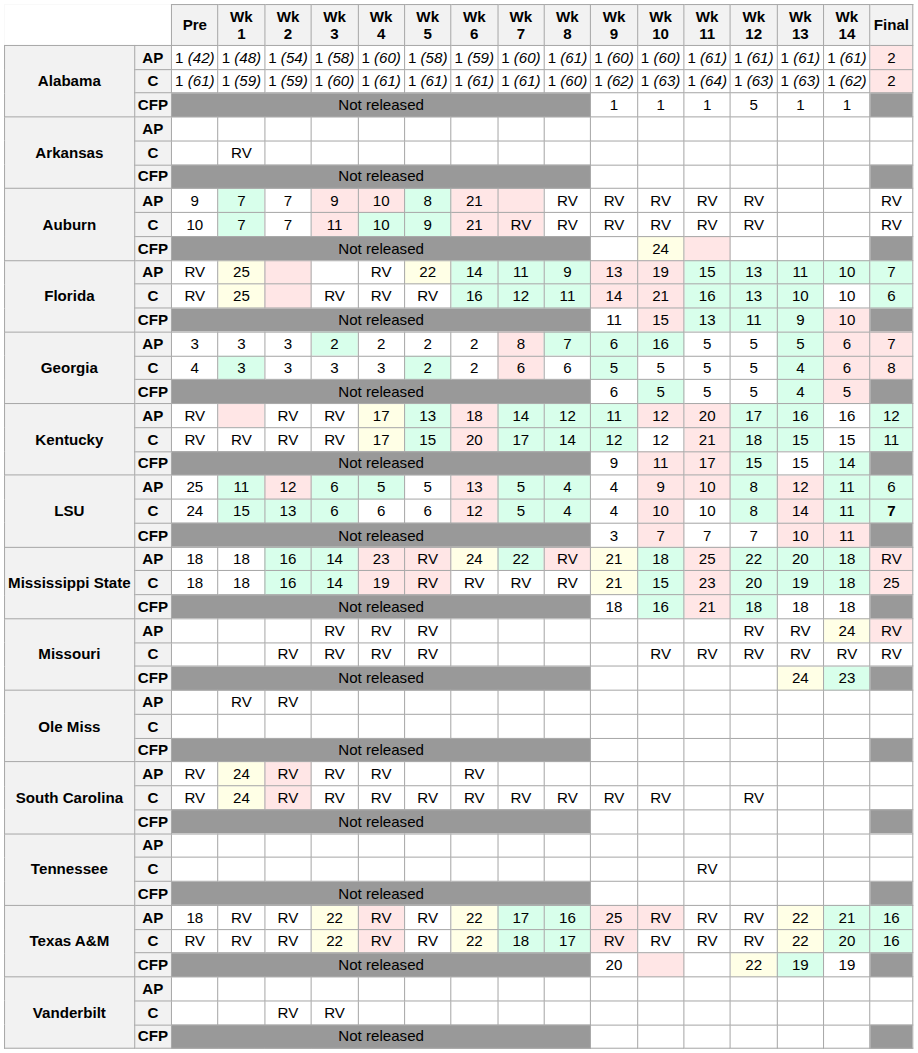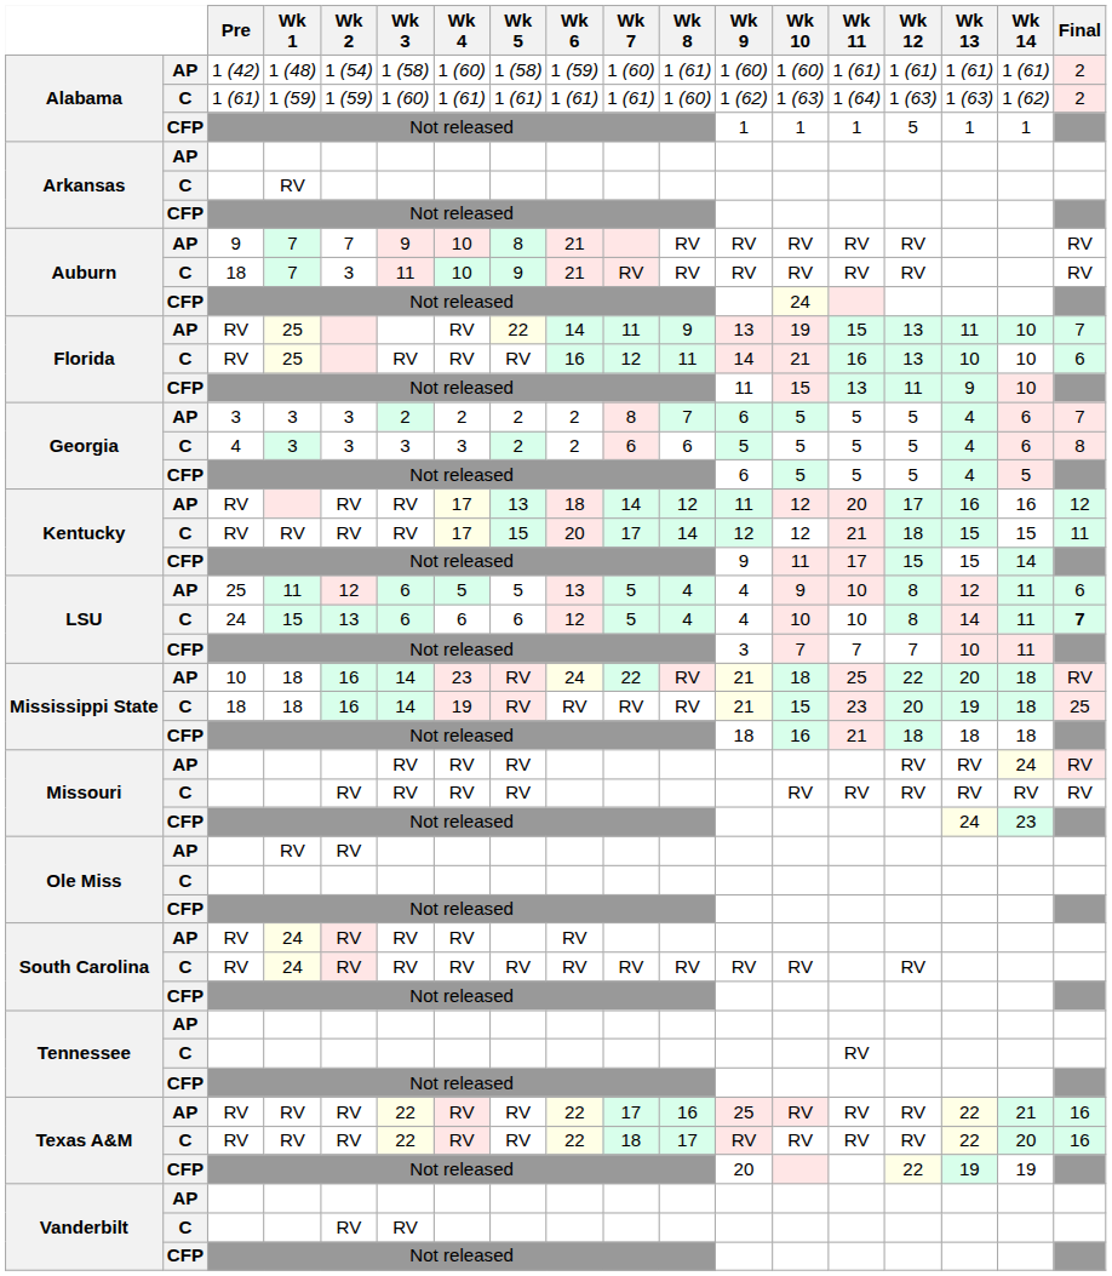 <table class="wikitable" style="white-space:nowrap;font-size:90%;">
 <tr>
 <th colspan=2 style="background:white; border-top-style:hidden; border-left-style:hidden;"> </th>
 <th>Pre</th>
 <th>Wk<br>1</th>
 <th>Wk<br>2</th>
 <th>Wk<br>3</th>
 <th>Wk<br>4</th>
 <th>Wk<br>5</th>
 <th>Wk<br>6</th>
 <th>Wk<br>7</th>
 <th>Wk<br>8</th>
 <th>Wk<br>9</th>
 <th>Wk<br>10</th>
 <th>Wk<br>11</th>
 <th>Wk<br>12</th>
 <th>Wk<br>13</th>
 <th>Wk<br>14</th>
 <th>Final</th>
 </tr>
 <tr style="text-align:center;">
 <th rowspan="3">Alabama</th>
 <th>AP</th>
 <td style="background:#FFF;">1 <em>(42)</em></td>
 <td style="background:#FFF;">1 <em>(48)</em></td>
 <td style="background:#FFF;">1 <em>(54)</em></td>
 <td style="background:#FFF;">1 <em>(58)</em></td>
 <td style="background:#FFF;">1 <em>(60)</em></td>
 <td style="background:#FFF;">1 <em>(58)</em></td>
 <td style="background:#FFF;">1 <em>(59)</em></td>
 <td style="background:#FFF;">1 <em>(60)</em></td>
 <td style="background:#FFF;">1 <em>(61)</em></td>
 <td style="background:#FFF;">1 <em>(60)</em></td>
 <td style="background:#FFF;">1 <em>(60)</em></td>
 <td style="background:#FFF;">1 <em>(61)</em></td>
 <td style="background:#FFF;">1 <em>(61)</em></td>
 <td style="background:#FFF;">1 <em>(61)</em></td>
 <td style="background:#FFF;">1 <em>(61)</em></td>
 <td style="background:#FFE6E6;">2</td>
 </tr>
 <tr style="text-align:center;">
 <th>C</th>
 <td style="background:#FFF;">1 <em>(61)</em></td>
 <td style="background:#FFF;">1 <em>(59)</em></td>
 <td style="background:#FFF;">1 <em>(59)</em></td>
 <td style="background:#FFF;">1 <em>(60)</em></td>
 <td style="background:#FFF;">1 <em>(61)</em></td>
 <td style="background:#FFF;">1 <em>(61)</em></td>
 <td style="background:#FFF;">1 <em>(61)</em></td>
 <td style="background:#FFF;">1 <em>(61)</em></td>
 <td style="background:#FFF;">1 <em>(60)</em></td>
 <td style="background:#FFF;">1 <em>(62)</em></td>
 <td style="background:#FFF;">1 <em>(63)</em></td>
 <td style="background:#FFF;">1 <em>(64)</em></td>
 <td style="background:#FFF;">1 <em>(63)</em></td>
 <td style="background:#FFF;">1 <em>(63)</em></td>
 <td style="background:#FFF;">1 <em>(62)</em></td>
 <td style="background:#FFE6E6;">2</td>
 </tr>
 <tr style="text-align:center;">
 <th>CFP</th>
 <td colspan=9 style="background:#999;">Not released</td>
 <td style="background:#FFF;">1</td>
 <td style="background:#FFF;">1</td>
 <td style="background:#FFF;">1</td>
 <td style="background:#FFF;">5</td>
 <td style="background:#FFF;">1</td>
 <td style="background:#FFF;">1</td>
 <td style="background:#999;"></td>
 </tr>
 <tr style="text-align:center;">
 <th rowspan="3">Arkansas</th>
 <th>AP</th>
 <td style="background:#FFF;"></td>
 <td style="background:#FFF;"></td>
 <td style="background:#FFF;"></td>
 <td style="background:#FFF;"></td>
 <td style="background:#FFF;"></td>
 <td style="background:#FFF;"></td>
 <td style="background:#FFF;"></td>
 <td style="background:#FFF;"></td>
 <td style="background:#FFF;"></td>
 <td style="background:#FFF;"></td>
 <td style="background:#FFF;"></td>
 <td style="background:#FFF;"></td>
 <td style="background:#FFF;"></td>
 <td style="background:#FFF;"></td>
 <td style="background:#FFF;"></td>
 <td style="background:#FFF;"></td>
 </tr>
 <tr style="text-align:center;">
 <th>C</th>
 <td style="background:#FFF;"></td>
 <td style="background:#FFF;">RV</td>
 <td style="background:#FFF;"></td>
 <td style="background:#FFF;"></td>
 <td style="background:#FFF;"></td>
 <td style="background:#FFF;"></td>
 <td style="background:#FFF;"></td>
 <td style="background:#FFF;"></td>
 <td style="background:#FFF;"></td>
 <td style="background:#FFF;"></td>
 <td style="background:#FFF;"></td>
 <td style="background:#FFF;"></td>
 <td style="background:#FFF;"></td>
 <td style="background:#FFF;"></td>
 <td style="background:#FFF;"></td>
 <td style="background:#FFF;"></td>
 </tr>
 <tr style="text-align:center;">
 <th>CFP</th>
 <td colspan=9 style="background:#999;">Not released</td>
 <td style="background:#FFF;"></td>
 <td style="background:#FFF;"></td>
 <td style="background:#FFF;"></td>
 <td style="background:#FFF;"></td>
 <td style="background:#FFF;"></td>
 <td style="background:#FFF;"></td>
 <td style="background:#999;"></td>
 </tr>
 <tr style="text-align:center;">
 <th rowspan=3>Auburn</th>
 <th>AP</th>
 <td style="background:#FFF;">9</td>
 <td style="background:#d8ffeb;">7</td>
 <td style="background:#FFF;">7</td>
 <td style="background:#FFE6E6;">9</td>
 <td style="background:#FFE6E6;">10</td>
 <td style="background:#d8ffeb;">8</td>
 <td style="background:#FFE6E6;">21</td>
 <td style="background:#FFE6E6;"></td>
 <td style="background:#FFF;">RV</td>
 <td style="background:#FFF;">RV</td>
 <td style="background:#FFF;">RV</td>
 <td style="background:#FFF;">RV</td>
 <td style="background:#FFF;">RV</td>
 <td style="background:#FFF;"></td>
 <td style="background:#FFF;"></td>
 <td style="background:#FFF;">RV</td>
 </tr>
 <tr style="text-align:center;">
 <th>C</th>
-<td style="background:#FFF;">10</td>
+<td style="background:#FFF;">18</td>
 <td style="background:#d8ffeb;">7</td>
-<td style="background:#FFF;">7</td>
+<td style="background:#FFF;">3</td>
 <td style="background:#FFE6E6;">11</td>
 <td style="background:#d8ffeb;">10</td>
 <td style="background:#d8ffeb;">9</td>
 <td style="background:#FFE6E6;">21</td>
 <td style="background:#FFE6E6;">RV</td>
 <td style="background:#FFF;">RV</td>
 <td style="background:#FFF;">RV</td>
 <td style="background:#FFF;">RV</td>
 <td style="background:#FFF;">RV</td>
 <td style="background:#FFF;">RV</td>
 <td style="background:#FFF;"></td>
 <td style="background:#FFF;"></td>
 <td style="background:#FFF;">RV</td>
 </tr>
 <tr style="text-align:center;">
 <th>CFP</th>
 <td colspan=9 style="background:#999;">Not released</td>
 <td style="background:#FFF;"></td>
 <td style="background:#FFFFE6;">24</td>
 <td style="background:#FFE6E6;"></td>
 <td style="background:#FFF;"></td>
 <td style="background:#FFF;"></td>
 <td style="background:#FFF;"></td>
 <td style="background:#999;"></td>
 </tr>
 <tr style="text-align:center;">
 <th rowspan=3>Florida</th>
 <th>AP</th>
 <td style="background:#FFF;">RV</td>
 <td style="background:#FFFFE6;">25</td>
 <td style="background:#FFE6E6;"></td>
 <td style="background:#FFF;"></td>
 <td style="background:#FFF;">RV</td>
 <td style="background:#FFFFE6;">22</td>
 <td style="background:#d8ffeb;">14</td>
 <td style="background:#d8ffeb;">11</td>
 <td style="background:#d8ffeb;">9</td>
 <td style="background:#FFE6E6;">13</td>
 <td style="background:#FFE6E6;">19</td>
 <td style="background:#d8ffeb;">15</td>
 <td style="background:#d8ffeb;">13</td>
 <td style="background:#d8ffeb;">11</td>
 <td style="background:#d8ffeb;">10</td>
 <td style="background:#d8ffeb;">7</td>
 </tr>
 <tr style="text-align:center;">
 <th>C</th>
 <td style="background:#FFF;">RV</td>
 <td style="background:#FFFFE6;">25</td>
 <td style="background:#FFE6E6;"></td>
 <td style="background:#FFF;">RV</td>
 <td style="background:#FFF;">RV</td>
 <td style="background:#FFF;">RV</td>
 <td style="background:#d8ffeb;">16</td>
 <td style="background:#d8ffeb;">12</td>
 <td style="background:#d8ffeb;">11</td>
 <td style="background:#FFE6E6;">14</td>
 <td style="background:#FFE6E6;">21</td>
 <td style="background:#d8ffeb;">16</td>
 <td style="background:#d8ffeb;">13</td>
 <td style="background:#d8ffeb;">10</td>
 <td style="background:#FFF;">10</td>
 <td style="background:#d8ffeb;">6</td>
 </tr>
 <tr style="text-align:center;">
 <th>CFP</th>
 <td colspan=9 style="background:#999;">Not released</td>
 <td style="background:#FFF;">11</td>
 <td style="background:#FFE6E6;">15</td>
 <td style="background:#d8ffeb;">13</td>
 <td style="background:#d8ffeb;">11</td>
 <td style="background:#d8ffeb;">9</td>
 <td style="background:#FFE6E6;">10</td>
 <td style="background:#999;"></td>
 </tr>
 <tr style="text-align:center;">
 <th rowspan=3>Georgia</th>
 <th>AP</th>
 <td style="background:#FFF;">3</td>
 <td style="background:#FFF;">3</td>
 <td style="background:#FFF;">3</td>
 <td style="background:#d8ffeb;">2</td>
 <td style="background:#FFF;">2</td>
 <td style="background:#FFF;">2</td>
 <td style="background:#FFF;">2</td>
 <td style="background:#FFE6E6;">8</td>
 <td style="background:#d8ffeb;">7</td>
 <td style="background:#d8ffeb;">6</td>
-<td style="background:#d8ffeb;">16</td>
+<td style="background:#d8ffeb;">5</td>
 <td style="background:#FFF;">5</td>
 <td style="background:#FFF;">5</td>
-<td style="background:#d8ffeb;">5</td>
+<td style="background:#d8ffeb;">4</td>
 <td style="background:#FFE6E6;">6</td>
 <td style="background:#FFE6E6;">7</td>
 </tr>
 <tr style="text-align:center;">
 <th>C</th>
 <td style="background:#FFF;">4</td>
 <td style="background:#d8ffeb;">3</td>
 <td style="background:#FFF;">3</td>
 <td style="background:#FFF;">3</td>
 <td style="background:#FFF;">3</td>
 <td style="background:#d8ffeb;">2</td>
 <td style="background:#FFF;">2</td>
 <td style="background:#FFE6E6;">6</td>
 <td style="background:#FFF;">6</td>
 <td style="background:#d8ffeb;">5</td>
 <td style="background:#FFF;">5</td>
 <td style="background:#FFF;">5</td>
 <td style="background:#FFF;">5</td>
 <td style="background:#d8ffeb;">4</td>
 <td style="background:#FFE6E6;">6</td>
 <td style="background:#FFE6E6;">8</td>
 </tr>
 <tr style="text-align:center;">
 <th>CFP</th>
 <td colspan=9 style="background:#999;">Not released</td>
 <td style="background:#FFF;">6</td>
 <td style="background:#d8ffeb;">5</td>
 <td style="background:#FFF;">5</td>
 <td style="background:#FFF;">5</td>
 <td style="background:#d8ffeb;">4</td>
 <td style="background:#FFE6E6;">5</td>
 <td style="background:#999;"></td>
 </tr>
 <tr style="text-align:center;">
 <th rowspan="3">Kentucky</th>
 <th>AP</th>
 <td style="background:#FFF;">RV</td>
 <td style="background:#ffe6e6;"></td>
 <td style="background:#FFF;">RV</td>
 <td style="background:#FFF;">RV</td>
 <td style="background:#FFFFE6;">17</td>
 <td style="background:#d8ffeb;">13</td>
 <td style="background:#FFE6E6;">18</td>
 <td style="background:#d8ffeb;">14</td>
 <td style="background:#d8ffeb;">12</td>
 <td style="background:#d8ffeb;">11</td>
 <td style="background:#FFE6E6;">12</td>
 <td style="background:#FFE6E6;">20</td>
 <td style="background:#d8ffeb;">17</td>
 <td style="background:#d8ffeb;">16</td>
 <td style="background:#FFF;">16</td>
 <td style="background:#d8ffeb;">12</td>
 </tr>
 <tr style="text-align:center;">
 <th>C</th>
 <td style="background:#FFF;">RV</td>
 <td style="background:#FFF;">RV</td>
 <td style="background:#FFF;">RV</td>
 <td style="background:#FFF;">RV</td>
 <td style="background:#FFFFE6;">17</td>
 <td style="background:#d8ffeb;">15</td>
 <td style="background:#FFE6E6;">20</td>
 <td style="background:#d8ffeb;">17</td>
 <td style="background:#d8ffeb;">14</td>
 <td style="background:#d8ffeb;">12</td>
 <td style="background:#FFF;">12</td>
 <td style="background:#FFE6E6;">21</td>
 <td style="background:#d8ffeb;">18</td>
 <td style="background:#d8ffeb;">15</td>
 <td style="background:#FFF;">15</td>
 <td style="background:#d8ffeb;">11</td>
 </tr>
 <tr style="text-align:center;">
 <th>CFP</th>
 <td colspan=9 style="background:#999;">Not released</td>
 <td style="background:#FFF;">9</td>
 <td style="background:#FFE6E6;">11</td>
 <td style="background:#FFE6E6;">17</td>
 <td style="background:#d8ffeb;">15</td>
 <td style="background:#FFF;">15</td>
 <td style="background:#d8ffeb;">14</td>
 <td style="background:#999;"></td>
 </tr>
 <tr style="text-align:center;">
 <th rowspan=3>LSU</th>
 <th>AP</th>
 <td style="background:#FFF;">25</td>
 <td style="background:#d8ffeb;">11</td>
 <td style="background:#FFE6E6;">12</td>
 <td style="background:#d8ffeb;">6</td>
 <td style="background:#d8ffeb;">5</td>
 <td style="background:#FFF;">5</td>
 <td style="background:#FFE6E6;">13</td>
 <td style="background:#d8ffeb;">5</td>
 <td style="background:#d8ffeb;">4</td>
 <td style="background:#FFF;">4</td>
 <td style="background:#FFE6E6;">9</td>
 <td style="background:#FFE6E6;">10</td>
 <td style="background:#d8ffeb;">8</td>
 <td style="background:#FFE6E6;">12</td>
 <td style="background:#d8ffeb;">11</td>
 <td style="background:#d8ffeb;">6</td>
 </tr>
 <tr style="text-align:center;">
 <th>C</th>
 <td style="background:#FFF;">24</td>
 <td style="background:#d8ffeb;">15</td>
 <td style="background:#d8ffeb;">13</td>
 <td style="background:#d8ffeb;">6</td>
 <td style="background:#FFF;">6</td>
 <td style="background:#FFF;">6</td>
 <td style="background:#FFE6E6;">12</td>
 <td style="background:#d8ffeb;">5</td>
 <td style="background:#d8ffeb;">4</td>
 <td style="background:#FFF;">4</td>
 <td style="background:#FFE6E6;">10</td>
 <td style="background:#FFF;">10</td>
 <td style="background:#d8ffeb;">8</td>
 <td style="background:#FFE6E6;">14</td>
 <td style="background:#d8ffeb;">11</td>
 <td style="background:#d8ffeb;"><strong>7</strong></td>
 </tr>
 <tr style="text-align:center;">
 <th>CFP</th>
 <td colspan=9 style="background:#999;">Not released</td>
 <td style="background:#FFF;">3</td>
 <td style="background:#FFE6E6;">7</td>
 <td style="background:#FFF;">7</td>
 <td style="background:#FFF;">7</td>
 <td style="background:#FFE6E6;">10</td>
 <td style="background:#FFE6E6;">11</td>
 <td style="background:#999;"></td>
 </tr>
 <tr style="text-align:center;">
 <th rowspan="3">Mississippi State</th>
 <th>AP</th>
-<td style="background:#FFF;">18</td>
+<td style="background:#FFF;">10</td>
 <td style="background:#FFF;">18</td>
 <td style="background:#d8ffeb;">16</td>
 <td style="background:#d8ffeb;">14</td>
 <td style="background:#FFE6E6;">23</td>
 <td style="background:#FFE6E6;">RV</td>
 <td style="background:#FFFFE6;">24</td>
 <td style="background:#d8ffeb;">22</td>
 <td style="background:#FFE6E6;">RV</td>
 <td style="background:#FFFFE6;">21</td>
 <td style="background:#d8ffeb;">18</td>
 <td style="background:#FFE6E6;">25</td>
 <td style="background:#d8ffeb;">22</td>
 <td style="background:#d8ffeb;">20</td>
 <td style="background:#d8ffeb;">18</td>
 <td style="background:#FFE6E6;">RV</td>
 </tr>
 <tr style="text-align:center;">
 <th>C</th>
 <td style="background:#FFF;">18</td>
 <td style="background:#FFF;">18</td>
 <td style="background:#d8ffeb;">16</td>
 <td style="background:#d8ffeb;">14</td>
 <td style="background:#FFE6E6;">19</td>
 <td style="background:#FFE6E6;">RV</td>
 <td style="background:#FFF;">RV</td>
 <td style="background:#FFF;">RV</td>
 <td style="background:#FFF;">RV</td>
 <td style="background:#FFFFE6;">21</td>
 <td style="background:#d8ffeb;">15</td>
 <td style="background:#FFE6E6;">23</td>
 <td style="background:#d8ffeb;">20</td>
 <td style="background:#d8ffeb;">19</td>
 <td style="background:#d8ffeb;">18</td>
 <td style="background:#FFE6E6;">25</td>
 </tr>
 <tr style="text-align:center;">
 <th>CFP</th>
 <td colspan=9 style="background:#999;">Not released</td>
 <td style="background:#FFF;">18</td>
 <td style="background:#d8ffeb;">16</td>
 <td style="background:#FFE6E6;">21</td>
 <td style="background:#d8ffeb;">18</td>
 <td style="background:#FFF;">18</td>
 <td style="background:#FFF;">18</td>
 <td style="background:#999;"></td>
 </tr>
 <tr style="text-align:center;">
 <th rowspan="3">Missouri</th>
 <th>AP</th>
 <td style="background:#FFF;"></td>
 <td style="background:#FFF;"></td>
 <td style="background:#FFF;"></td>
 <td style="background:#FFF;">RV</td>
 <td style="background:#FFF;">RV</td>
 <td style="background:#FFF;">RV</td>
 <td style="background:#FFF;"></td>
 <td style="background:#FFF;"></td>
 <td style="background:#FFF;"></td>
 <td style="background:#FFF;"></td>
 <td style="background:#FFF;"></td>
 <td style="background:#FFF;"></td>
 <td style="background:#FFF;">RV</td>
 <td style="background:#FFF;">RV</td>
 <td style="background:#FFFFE6;">24</td>
 <td style="background:#FFE6E6;">RV</td>
 </tr>
 <tr style="text-align:center;">
 <th>C</th>
 <td style="background:#FFF;"></td>
 <td style="background:#FFF;"></td>
 <td style="background:#FFF;">RV</td>
 <td style="background:#FFF;">RV</td>
 <td style="background:#FFF;">RV</td>
 <td style="background:#FFF;">RV</td>
 <td style="background:#FFF;"></td>
 <td style="background:#FFF;"></td>
 <td style="background:#FFF;"></td>
 <td style="background:#FFF;"></td>
 <td style="background:#FFF;">RV</td>
 <td style="background:#FFF;">RV</td>
 <td style="background:#FFF;">RV</td>
 <td style="background:#FFF;">RV</td>
 <td style="background:#FFF;">RV</td>
 <td style="background:#FFF;">RV</td>
 </tr>
 <tr style="text-align:center;">
 <th>CFP</th>
 <td colspan=9 style="background:#999;">Not released</td>
 <td style="background:#FFF;"></td>
 <td style="background:#FFF;"></td>
 <td style="background:#FFF;"></td>
 <td style="background:#FFF;"></td>
 <td style="background:#FFFFE6;">24</td>
 <td style="background:#d8ffeb;">23</td>
 <td style="background:#999;"></td>
 </tr>
 <tr style="text-align:center;">
 <th rowspan=3>Ole Miss</th>
 <th>AP</th>
 <td style="background:#FFF;"></td>
 <td style="background:#FFF;">RV</td>
 <td style="background:#FFF;">RV</td>
 <td style="background:#FFF;"></td>
 <td style="background:#FFF;"></td>
 <td style="background:#FFF;"></td>
 <td style="background:#FFF;"></td>
 <td style="background:#FFF;"></td>
 <td style="background:#FFF;"></td>
 <td style="background:#FFF;"></td>
 <td style="background:#FFF;"></td>
 <td style="background:#FFF;"></td>
 <td style="background:#FFF;"></td>
 <td style="background:#FFF;"></td>
 <td style="background:#FFF;"></td>
 <td style="background:#FFF;"></td>
 </tr>
 <tr style="text-align:center;">
 <th>C</th>
 <td style="background:#FFF;"></td>
 <td style="background:#FFF;"></td>
 <td style="background:#FFF;"></td>
 <td style="background:#FFF;"></td>
 <td style="background:#FFF;"></td>
 <td style="background:#FFF;"></td>
 <td style="background:#FFF;"></td>
 <td style="background:#FFF;"></td>
 <td style="background:#FFF;"></td>
 <td style="background:#FFF;"></td>
 <td style="background:#FFF;"></td>
 <td style="background:#FFF;"></td>
 <td style="background:#FFF;"></td>
 <td style="background:#FFF;"></td>
 <td style="background:#FFF;"></td>
 <td style="background:#FFF;"></td>
 </tr>
 <tr style="text-align:center;">
 <th>CFP</th>
 <td colspan="9" style="background:#999;">Not released</td>
 <td style="background:#FFF;"></td>
 <td style="background:#FFF;"></td>
 <td style="background:#FFF;"></td>
 <td style="background:#FFF;"></td>
 <td style="background:#FFF;"></td>
 <td style="background:#FFF;"></td>
 <td style="background:#999;"></td>
 </tr>
 <tr style="text-align:center;">
 <th rowspan="3">South Carolina</th>
 <th>AP</th>
 <td style="background:#FFF;">RV</td>
 <td style="background:#FFFFE6;">24</td>
 <td style="background:#FFE6E6;">RV</td>
 <td style="background:#FFF;">RV</td>
 <td style="background:#FFF;">RV</td>
 <td style="background:#FFF;"></td>
 <td style="background:#FFF;">RV</td>
 <td style="background:#FFF;"></td>
 <td style="background:#FFF;"></td>
 <td style="background:#FFF;"></td>
 <td style="background:#FFF;"></td>
 <td style="background:#FFF;"></td>
 <td style="background:#FFF;"></td>
 <td style="background:#FFF;"></td>
 <td style="background:#FFF;"></td>
 <td style="background:#FFF;"></td>
 </tr>
 <tr style="text-align:center;">
 <th>C</th>
 <td style="background:#FFF;">RV</td>
 <td style="background:#FFFFE6;">24</td>
 <td style="background:#FFE6E6;">RV</td>
 <td style="background:#FFF;">RV</td>
 <td style="background:#FFF;">RV</td>
 <td style="background:#FFF;">RV</td>
 <td style="background:#FFF;">RV</td>
 <td style="background:#FFF;">RV</td>
 <td style="background:#FFF;">RV</td>
 <td style="background:#FFF;">RV</td>
 <td style="background:#FFF;">RV</td>
 <td style="background:#FFF;"></td>
 <td style="background:#FFF;">RV</td>
 <td style="background:#FFF;"></td>
 <td style="background:#FFF;"></td>
 <td style="background:#FFF;"></td>
 </tr>
 <tr style="text-align:center;">
 <th>CFP</th>
 <td colspan=9 style="background:#999;">Not released</td>
 <td style="background:#FFF;"></td>
 <td style="background:#FFF;"></td>
 <td style="background:#FFF;"></td>
 <td style="background:#FFF;"></td>
 <td style="background:#FFF;"></td>
 <td style="background:#FFF;"></td>
 <td style="background:#999;"></td>
 </tr>
 <tr style="text-align:center;">
 <th rowspan="3">Tennessee</th>
 <th>AP</th>
 <td style="background:#FFF;"></td>
 <td style="background:#FFF;"></td>
 <td style="background:#FFF;"></td>
 <td style="background:#FFF;"></td>
 <td style="background:#FFF;"></td>
 <td style="background:#FFF;"></td>
 <td style="background:#FFF;"></td>
 <td style="background:#FFF;"></td>
 <td style="background:#FFF;"></td>
 <td style="background:#FFF;"></td>
 <td style="background:#FFF;"></td>
 <td style="background:#FFF;"></td>
 <td style="background:#FFF;"></td>
 <td style="background:#FFF;"></td>
 <td style="background:#FFF;"></td>
 <td style="background:#FFF;"></td>
 </tr>
 <tr style="text-align:center;">
 <th>C</th>
 <td style="background:#FFF;"></td>
 <td style="background:#FFF;"></td>
 <td style="background:#FFF;"></td>
 <td style="background:#FFF;"></td>
 <td style="background:#FFF;"></td>
 <td style="background:#FFF;"></td>
 <td style="background:#FFF;"></td>
 <td style="background:#FFF;"></td>
 <td style="background:#FFF;"></td>
 <td style="background:#FFF;"></td>
 <td style="background:#FFF;"></td>
 <td style="background:#FFF;">RV</td>
 <td style="background:#FFF;"></td>
 <td style="background:#FFF;"></td>
 <td style="background:#FFF;"></td>
 <td style="background:#FFF;"></td>
 </tr>
 <tr style="text-align:center;">
 <th>CFP</th>
 <td colspan=9 style="background:#999;">Not released</td>
 <td style="background:#FFF;"></td>
 <td style="background:#FFF;"></td>
 <td style="background:#FFF;"></td>
 <td style="background:#FFF;"></td>
 <td style="background:#FFF;"></td>
 <td style="background:#FFF;"></td>
 <td style="background:#999;"></td>
 </tr>
 <tr style="text-align:center;">
 <th rowspan="3">Texas A&M</th>
 <th>AP</th>
-<td style="background:#FFF;">18</td>
+<td style="background:#FFF;">RV</td>
 <td style="background:#FFF;">RV</td>
 <td style="background:#FFF;">RV</td>
 <td style="background:#FFFFE6;">22</td>
 <td style="background:#FFE6E6;">RV</td>
 <td style="background:#FFF;">RV</td>
 <td style="background:#FFFFE6;">22</td>
 <td style="background:#d8ffeb;">17</td>
 <td style="background:#d8ffeb;">16</td>
 <td style="background:#FFE6E6;">25</td>
 <td style="background:#FFE6E6;">RV</td>
 <td style="background:#FFF;">RV</td>
 <td style="background:#FFF;">RV</td>
 <td style="background:#FFFFE6;">22</td>
 <td style="background:#d8ffeb;">21</td>
 <td style="background:#d8ffeb;">16</td>
 </tr>
 <tr style="text-align:center;">
 <th>C</th>
 <td style="background:#FFF;">RV</td>
 <td style="background:#FFF;">RV</td>
 <td style="background:#FFF;">RV</td>
 <td style="background:#FFFFE6;">22</td>
 <td style="background:#FFE6E6;">RV</td>
 <td style="background:#FFF;">RV</td>
 <td style="background:#FFFFE6;">22</td>
 <td style="background:#d8ffeb;">18</td>
 <td style="background:#d8ffeb;">17</td>
 <td style="background:#FFE6E6;">RV</td>
 <td style="background:#FFF;">RV</td>
 <td style="background:#FFF;">RV</td>
 <td style="background:#FFF;">RV</td>
 <td style="background:#FFFFE6;">22</td>
 <td style="background:#d8ffeb;">20</td>
 <td style="background:#d8ffeb;">16</td>
 </tr>
 <tr style="text-align:center;">
 <th>CFP</th>
 <td colspan=9 style="background:#999;">Not released</td>
 <td style="background:#FFF;">20</td>
 <td style="background:#FFE6E6;"></td>
 <td style="background:#FFF;"></td>
 <td style="background:#FFFFE6;">22</td>
 <td style="background:#d8ffeb;">19</td>
 <td style="background:#FFF;">19</td>
 <td style="background:#999;"></td>
 </tr>
 <tr style="text-align:center;">
 <th rowspan=3>Vanderbilt</th>
 <th>AP</th>
 <td style="background:#FFF;"></td>
 <td style="background:#FFF;"></td>
 <td style="background:#FFF;"></td>
 <td style="background:#FFF;"></td>
 <td style="background:#FFF;"></td>
 <td style="background:#FFF;"></td>
 <td style="background:#FFF;"></td>
 <td style="background:#FFF;"></td>
 <td style="background:#FFF;"></td>
 <td style="background:#FFF;"></td>
 <td style="background:#FFF;"></td>
 <td style="background:#FFF;"></td>
 <td style="background:#FFF;"></td>
 <td style="background:#FFF;"></td>
 <td style="background:#FFF;"></td>
 <td style="background:#FFF;"></td>
 </tr>
 <tr style="text-align:center;">
 <th>C</th>
 <td style="background:#FFF;"></td>
 <td style="background:#FFF;"></td>
 <td style="background:#FFF;">RV</td>
 <td style="background:#FFF;">RV</td>
 <td style="background:#FFF;"></td>
 <td style="background:#FFF;"></td>
 <td style="background:#FFF;"></td>
 <td style="background:#FFF;"></td>
 <td style="background:#FFF;"></td>
 <td style="background:#FFF;"></td>
 <td style="background:#FFF;"></td>
 <td style="background:#FFF;"></td>
 <td style="background:#FFF;"></td>
 <td style="background:#FFF;"></td>
 <td style="background:#FFF;"></td>
 <td style="background:#FFF;"></td>
 </tr>
 <tr style="text-align:center;">
 <th>CFP</th>
 <td colspan=9 style="background:#999;">Not released</td>
 <td style="background:#FFF;"></td>
 <td style="background:#FFF;"></td>
 <td style="background:#FFF;"></td>
 <td style="background:#FFF;"></td>
 <td style="background:#FFF;"></td>
 <td style="background:#FFF;"></td>
 <td style="background:#999;"></td>
 </tr>
 </table>
